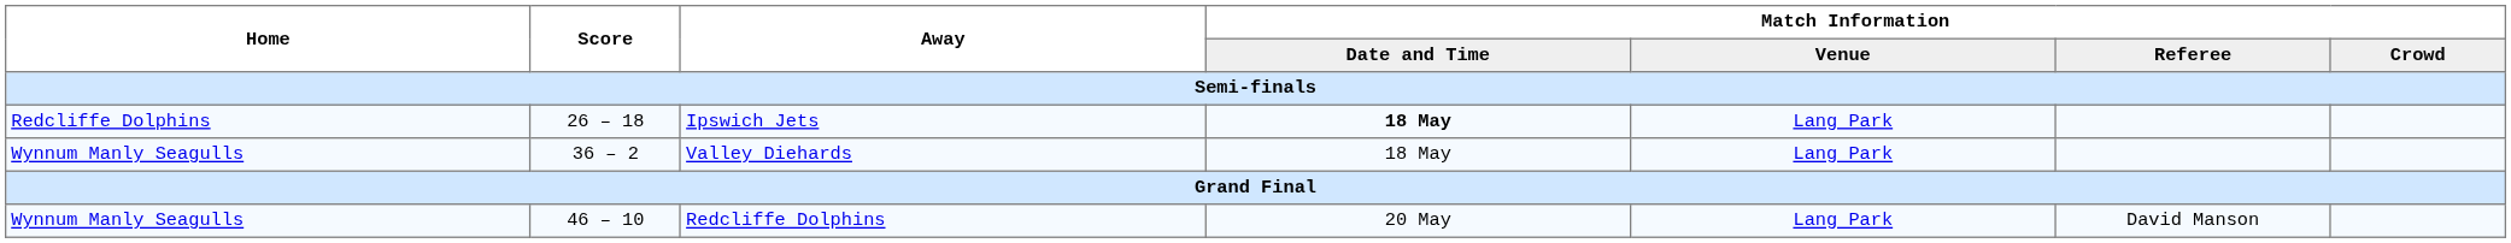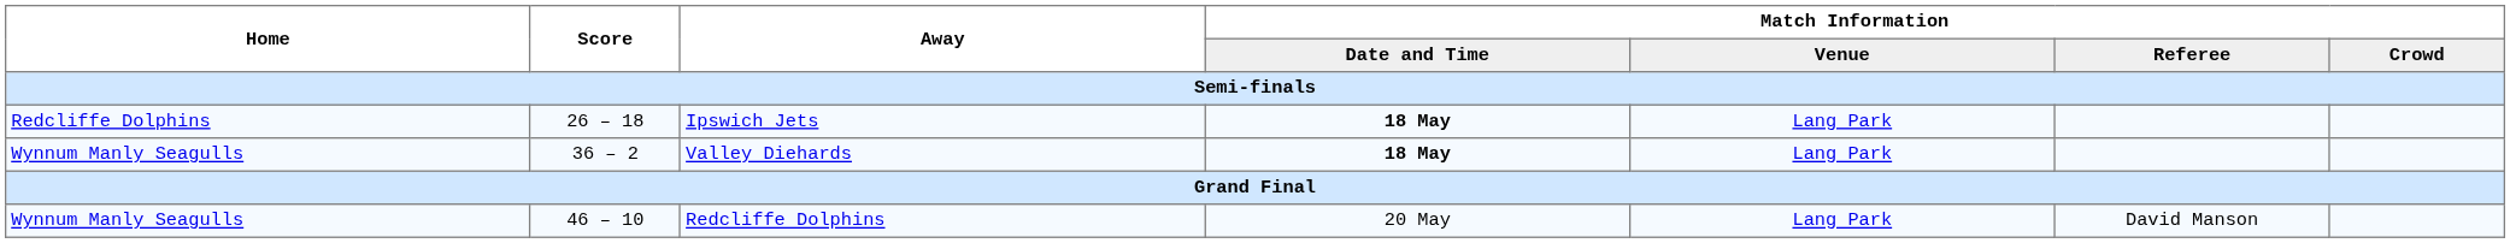 <table border="1" cellpadding="3" cellspacing="0" width="100%" style="border-collapse:collapse; font-size:90%; text-align:center;">
 <tr>
 <th rowspan="2" width="21%">Home</th>
 <th rowspan="2" width="6%">Score</th>
 <th rowspan="2" width="21%">Away</th>
 <th colspan="6">Match Information</th>
 </tr>
 <tr bgcolor="#EFEFEF">
 <th width="17%">Date and Time</th>
 <th width="17%">Venue</th>
 <th width="11%">Referee</th>
 <th width="7%">Crowd</th>
 </tr>
 <tr bgcolor="#D0E7FF">
 <td colspan="7"><strong>Semi-finals</strong></td>
 </tr>
 <tr bgcolor="#F5FAFF">
 <td align="left"> <a href='#'>Redcliffe Dolphins</a></td>
 <td>26 – 18</td>
 <td align="left"> <a href='#'>Ipswich Jets</a></td>
 <td><strong>18 May</strong></td>
 <td><a href='#'>Lang Park</a></td>
 <td></td>
 <td></td>
 </tr>
 <tr bgcolor="#F5FAFF">
 <td align="left"> <a href='#'>Wynnum Manly Seagulls</a></td>
 <td>36 – 2</td>
 <td align="left">  <a href='#'>Valley Diehards</a></td>
-<td>18 May</td>
+<td><strong>18 May</strong></td>
 <td><a href='#'>Lang Park</a></td>
 <td></td>
 <td></td>
 </tr>
 <tr bgcolor="#D0E7FF">
 <td colspan="7"><strong>Grand Final</strong></td>
 </tr>
 <tr bgcolor="#F5FAFF">
 <td align="left"> <a href='#'>Wynnum Manly Seagulls</a></td>
 <td>46 – 10</td>
 <td align="left"> <a href='#'>Redcliffe Dolphins</a></td>
 <td>20 May</td>
 <td><a href='#'>Lang Park</a></td>
 <td>David Manson</td>
 <td></td>
 </tr>
 </table>
